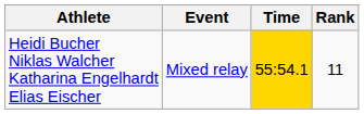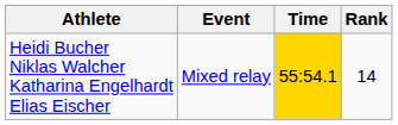 <table class="wikitable" style="font-size:90%">
 <tr>
 <th>Athlete</th>
 <th>Event</th>
 <th>Time</th>
 <th>Rank</th>
 </tr>
 <tr align=center>
 <td align=left><a href='#'>Heidi Bucher</a><br><a href='#'>Niklas Walcher</a><br><a href='#'>Katharina Engelhardt</a><br><a href='#'>Elias Eischer</a></td>
 <td align=left><a href='#'>Mixed relay</a></td>
 <td style="background: gold;">55:54.1</td>
-<td>11</td>
+<td>14</td>
 </tr>
 </table>
